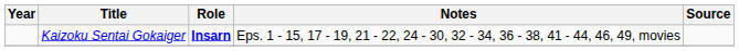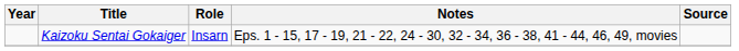 <table class="wikitable sortable plainrowheaders">
 <tr>
 <th>Year</th>
 <th>Title</th>
 <th>Role</th>
 <th class="unsortable">Notes</th>
 <th class="unsortable">Source</th>
 </tr>
 <tr>
 <td></td>
 <td><em><a href='#'>Kaizoku Sentai Gokaiger</a></em></td>
-<td><strong><a href='#'>Insarn</a></strong></td>
+<td><a href='#'>Insarn</a></td>
 <td>Eps. 1 - 15, 17 - 19, 21 - 22, 24 - 30, 32 - 34, 36 - 38, 41 - 44, 46, 49, movies</td>
 <td></td>
 </tr>
 <tr>
 </tr>
 </table>
